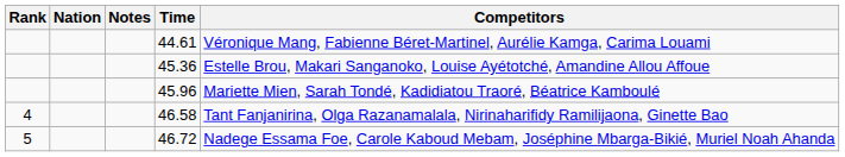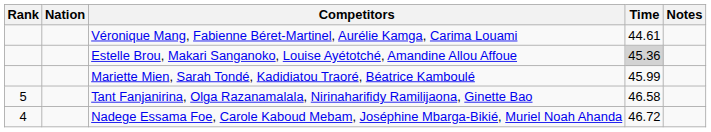 <table class="wikitable sortable" style="text-align:center; font-size:95%">
 <tr>
 <th>Rank</th>
 <th>Nation</th>
+<th>Competitors</th>
+<th>Time</th>
 <th>Notes</th>
-<th>Time</th>
-<th>Competitors</th>
 </tr>
 <tr>
 <td></td>
 <td align=left></td>
+<td align=left><a href='#'>Véronique Mang</a>, <a href='#'>Fabienne Béret-Martinel</a>, <a href='#'>Aurélie Kamga</a>, <a href='#'>Carima Louami</a></td>
+<td>44.61</td>
 <td></td>
-<td>44.61</td>
-<td align=left><a href='#'>Véronique Mang</a>, <a href='#'>Fabienne Béret-Martinel</a>, <a href='#'>Aurélie Kamga</a>, <a href='#'>Carima Louami</a></td>
 </tr>
 <tr>
 <td></td>
 <td align=left></td>
+<td align=left><a href='#'>Estelle Brou</a>, <a href='#'>Makari Sanganoko</a>, <a href='#'>Louise Ayétotché</a>, <a href='#'>Amandine Allou Affoue</a></td>
+<td style="background: lightgrey;">45.36</td>
 <td></td>
-<td>45.36</td>
-<td align=left><a href='#'>Estelle Brou</a>, <a href='#'>Makari Sanganoko</a>, <a href='#'>Louise Ayétotché</a>, <a href='#'>Amandine Allou Affoue</a></td>
 </tr>
 <tr>
 <td></td>
 <td align=left></td>
+<td align=left><a href='#'>Mariette Mien</a>, <a href='#'>Sarah Tondé</a>, <a href='#'>Kadidiatou Traoré</a>, <a href='#'>Béatrice Kamboulé</a></td>
+<td>45.99</td>
 <td></td>
-<td>45.96</td>
-<td align=left><a href='#'>Mariette Mien</a>, <a href='#'>Sarah Tondé</a>, <a href='#'>Kadidiatou Traoré</a>, <a href='#'>Béatrice Kamboulé</a></td>
+</tr>
+<tr>
+<td>5</td>
+<td align=left></td>
+<td align=left><a href='#'>Tant Fanjanirina</a>, <a href='#'>Olga Razanamalala</a>, <a href='#'>Nirinaharifidy Ramilijaona</a>, <a href='#'>Ginette Bao</a></td>
+<td>46.58</td>
+<td></td>
 </tr>
 <tr>
 <td>4</td>
 <td align=left></td>
+<td align=left><a href='#'>Nadege Essama Foe</a>, <a href='#'>Carole Kaboud Mebam</a>, <a href='#'>Joséphine Mbarga-Bikié</a>, <a href='#'>Muriel Noah Ahanda</a></td>
+<td>46.72</td>
 <td></td>
-<td>46.58</td>
-<td align=left><a href='#'>Tant Fanjanirina</a>, <a href='#'>Olga Razanamalala</a>, <a href='#'>Nirinaharifidy Ramilijaona</a>, <a href='#'>Ginette Bao</a></td>
-</tr>
-<tr>
-<td>5</td>
-<td align=left></td>
-<td></td>
-<td>46.72</td>
-<td align=left><a href='#'>Nadege Essama Foe</a>, <a href='#'>Carole Kaboud Mebam</a>, <a href='#'>Joséphine Mbarga-Bikié</a>, <a href='#'>Muriel Noah Ahanda</a></td>
 </tr>
 </table>
